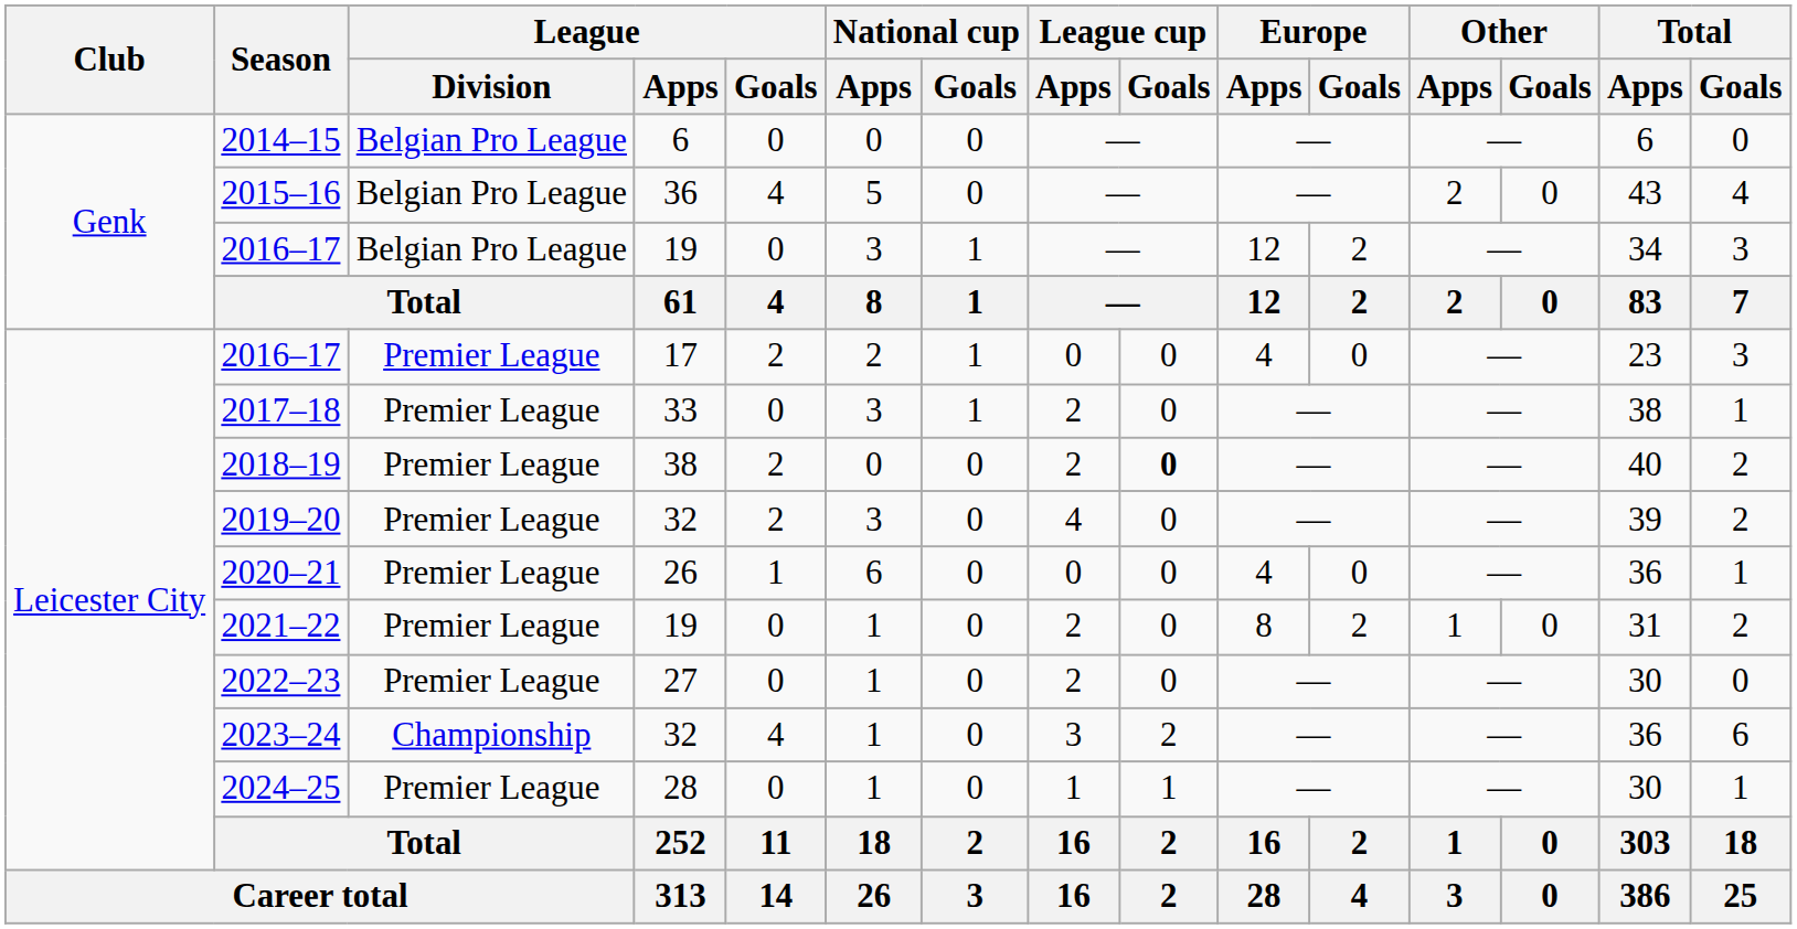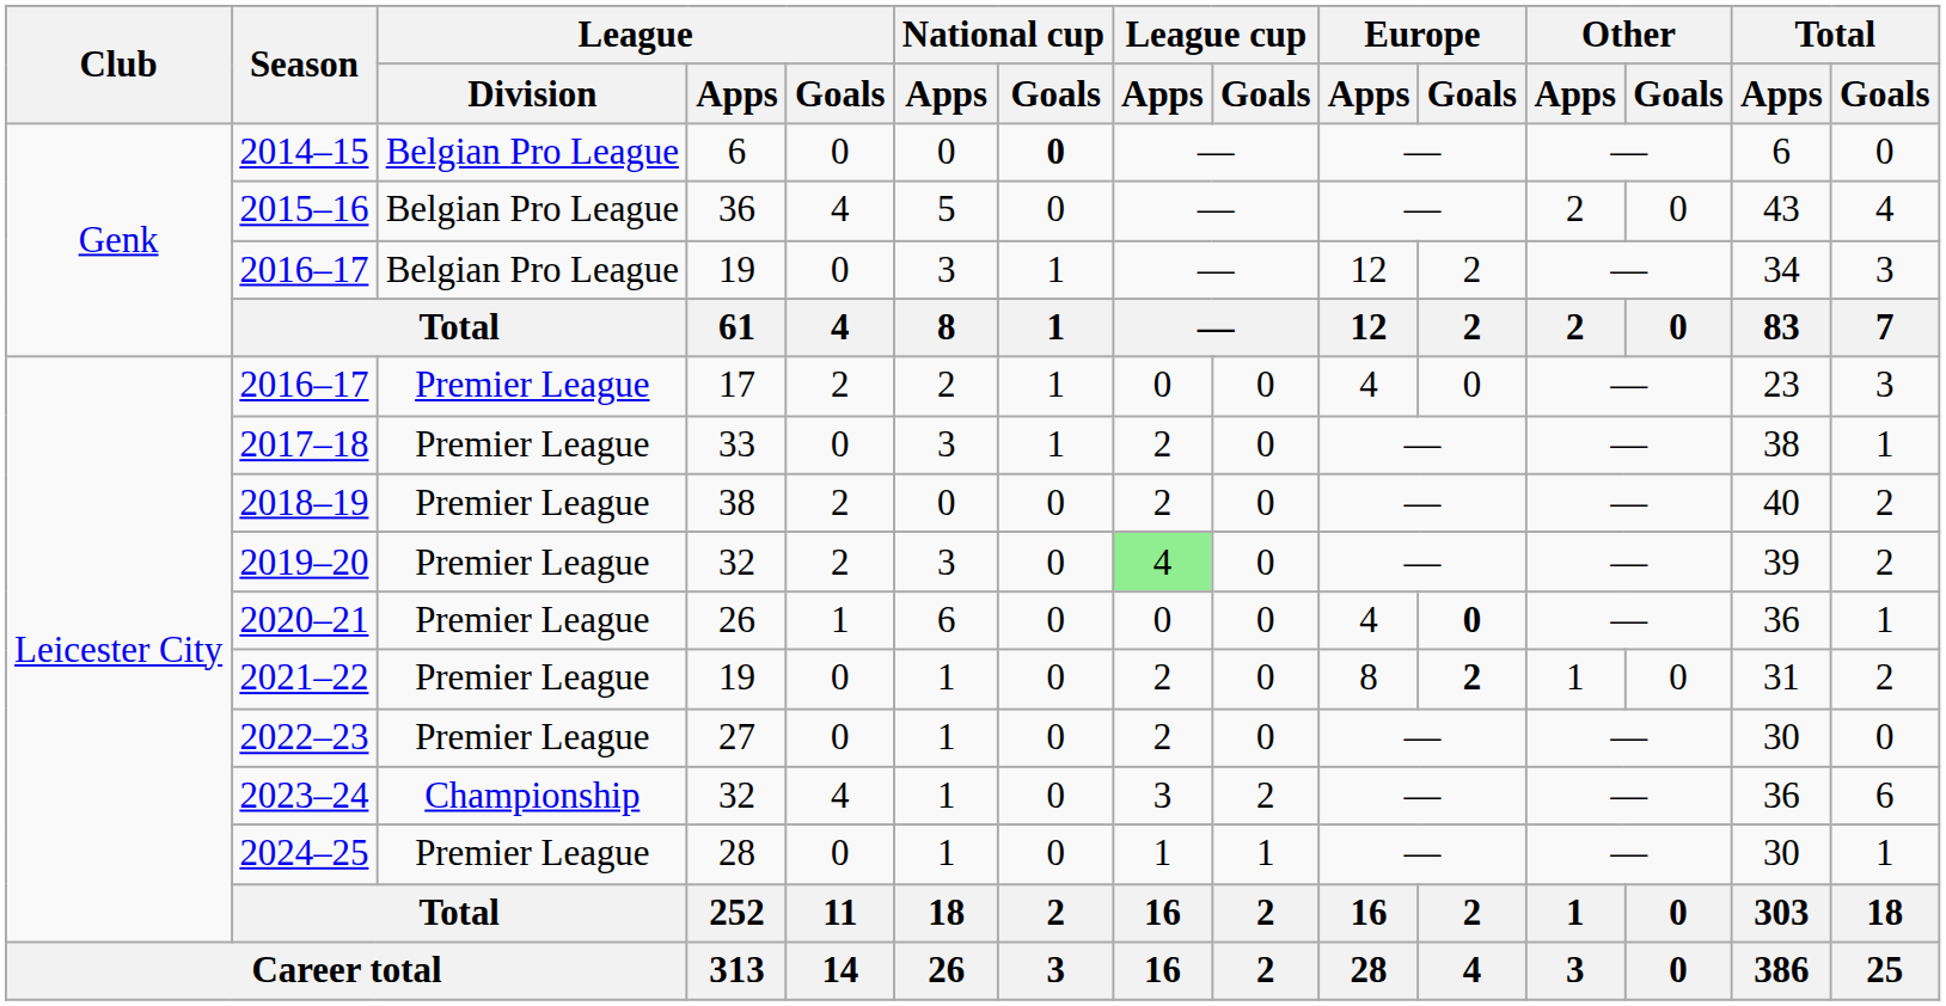 <table class="wikitable" style="text-align: center;">
 <tr>
 <th rowspan="2">Club</th>
 <th rowspan="2">Season</th>
 <th colspan="3">League</th>
 <th colspan="2">National cup</th>
 <th colspan="2">League cup</th>
 <th colspan="2">Europe</th>
 <th colspan="2">Other</th>
 <th colspan="2">Total</th>
 </tr>
 <tr>
 <th>Division</th>
 <th>Apps</th>
 <th>Goals</th>
 <th>Apps</th>
 <th>Goals</th>
 <th>Apps</th>
 <th>Goals</th>
 <th>Apps</th>
 <th>Goals</th>
 <th>Apps</th>
 <th>Goals</th>
 <th>Apps</th>
 <th>Goals</th>
 </tr>
 <tr>
 <td rowspan="4"><a href='#'>Genk</a></td>
 <td><a href='#'>2014–15</a></td>
 <td><a href='#'>Belgian Pro League</a></td>
 <td>6</td>
 <td>0</td>
 <td>0</td>
-<td>0</td>
+<td><strong>0</strong></td>
 <td colspan="2">—</td>
 <td colspan="2">—</td>
 <td colspan="2">—</td>
 <td>6</td>
 <td>0</td>
 </tr>
 <tr>
 <td><a href='#'>2015–16</a></td>
 <td>Belgian Pro League</td>
 <td>36</td>
 <td>4</td>
 <td>5</td>
 <td>0</td>
 <td colspan="2">—</td>
 <td colspan="2">—</td>
 <td>2</td>
 <td>0</td>
 <td>43</td>
 <td>4</td>
 </tr>
 <tr>
 <td><a href='#'>2016–17</a></td>
 <td>Belgian Pro League</td>
 <td>19</td>
 <td>0</td>
 <td>3</td>
 <td>1</td>
 <td colspan="2">—</td>
 <td>12</td>
 <td>2</td>
 <td colspan="2">—</td>
 <td>34</td>
 <td>3</td>
 </tr>
 <tr>
 <th colspan="2">Total</th>
 <th>61</th>
 <th>4</th>
 <th>8</th>
 <th>1</th>
 <th colspan="2">—</th>
 <th>12</th>
 <th>2</th>
 <th>2</th>
 <th>0</th>
 <th>83</th>
 <th>7</th>
 </tr>
 <tr>
 <td rowspan="10"><a href='#'>Leicester City</a></td>
 <td><a href='#'>2016–17</a></td>
 <td><a href='#'>Premier League</a></td>
 <td>17</td>
 <td>2</td>
 <td>2</td>
 <td>1</td>
 <td>0</td>
 <td>0</td>
 <td>4</td>
 <td>0</td>
 <td colspan="2">—</td>
 <td>23</td>
 <td>3</td>
 </tr>
 <tr>
 <td><a href='#'>2017–18</a></td>
 <td>Premier League</td>
 <td>33</td>
 <td>0</td>
 <td>3</td>
 <td>1</td>
 <td>2</td>
 <td>0</td>
 <td colspan="2">—</td>
 <td colspan="2">—</td>
 <td>38</td>
 <td>1</td>
 </tr>
 <tr>
 <td><a href='#'>2018–19</a></td>
 <td>Premier League</td>
 <td>38</td>
 <td>2</td>
 <td>0</td>
 <td>0</td>
 <td>2</td>
-<td><strong>0</strong></td>
+<td>0</td>
 <td colspan="2">—</td>
 <td colspan="2">—</td>
 <td>40</td>
 <td>2</td>
 </tr>
 <tr>
 <td><a href='#'>2019–20</a></td>
 <td>Premier League</td>
 <td>32</td>
 <td>2</td>
 <td>3</td>
 <td>0</td>
-<td>4</td>
+<td style="background: lightgreen;">4</td>
 <td>0</td>
 <td colspan="2">—</td>
 <td colspan="2">—</td>
 <td>39</td>
 <td>2</td>
 </tr>
 <tr>
 <td><a href='#'>2020–21</a></td>
 <td>Premier League</td>
 <td>26</td>
 <td>1</td>
 <td>6</td>
 <td>0</td>
 <td>0</td>
 <td>0</td>
 <td>4</td>
-<td>0</td>
+<td><strong>0</strong></td>
 <td colspan="2">—</td>
 <td>36</td>
 <td>1</td>
 </tr>
 <tr>
 <td><a href='#'>2021–22</a></td>
 <td>Premier League</td>
 <td>19</td>
 <td>0</td>
 <td>1</td>
 <td>0</td>
 <td>2</td>
 <td>0</td>
 <td>8</td>
-<td>2</td>
+<td><strong>2</strong></td>
 <td>1</td>
 <td>0</td>
 <td>31</td>
 <td>2</td>
 </tr>
 <tr>
 <td><a href='#'>2022–23</a></td>
 <td>Premier League</td>
 <td>27</td>
 <td>0</td>
 <td>1</td>
 <td>0</td>
 <td>2</td>
 <td>0</td>
 <td colspan="2">—</td>
 <td colspan="2">—</td>
 <td>30</td>
 <td>0</td>
 </tr>
 <tr>
 <td><a href='#'>2023–24</a></td>
 <td><a href='#'>Championship</a></td>
 <td>32</td>
 <td>4</td>
 <td>1</td>
 <td>0</td>
 <td>3</td>
 <td>2</td>
 <td colspan="2">—</td>
 <td colspan="2">—</td>
 <td>36</td>
 <td>6</td>
 </tr>
 <tr>
 <td><a href='#'>2024–25</a></td>
 <td>Premier League</td>
 <td>28</td>
 <td>0</td>
 <td>1</td>
 <td>0</td>
 <td>1</td>
 <td>1</td>
 <td colspan="2">—</td>
 <td colspan="2">—</td>
 <td>30</td>
 <td>1</td>
 </tr>
 <tr>
 <th colspan="2">Total</th>
 <th>252</th>
 <th>11</th>
 <th>18</th>
 <th>2</th>
 <th>16</th>
 <th>2</th>
 <th>16</th>
 <th>2</th>
 <th>1</th>
 <th>0</th>
 <th>303</th>
 <th>18</th>
 </tr>
 <tr>
 <th colspan="3">Career total</th>
 <th>313</th>
 <th>14</th>
 <th>26</th>
 <th>3</th>
 <th>16</th>
 <th>2</th>
 <th>28</th>
 <th>4</th>
 <th>3</th>
 <th>0</th>
 <th>386</th>
 <th>25</th>
 </tr>
 </table>
